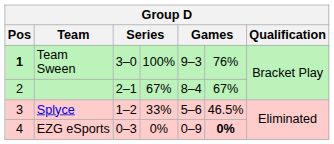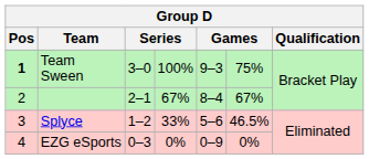 <table class="wikitable" style="display: inline-table; margin-left: 50px;width: 46.5%;">
 <tr>
 <th colspan="7">Group D</th>
 </tr>
 <tr>
 <th>Pos</th>
 <th>Team</th>
 <th colspan="2">Series</th>
 <th colspan="2">Games</th>
 <th>Qualification</th>
 </tr>
 <tr>
 <td style="text-align:center; background:#BBF3BB;"><strong>1</strong></td>
 <td style="text-align:left; background:#BBF3BB;">Team Sween</td>
 <td style="text-align:center; background:#BBF3BB;">3–0</td>
 <td style="text-align:center; background:#BBF3BB;">100%</td>
 <td style="text-align:center; background:#BBF3BB;">9–3</td>
-<td style="text-align:center; background:#BBF3BB;">76%</td>
+<td style="text-align:center; background:#BBF3BB;">75%</td>
 <td style="text-align:center; background:#BBF3BB;" rowspan="2">Bracket Play</td>
 </tr>
 <tr>
 <td style="text-align:center; background:#BBF3BB;">2</td>
 <td style="text-align:left; background:#BBF3BB;"></td>
 <td style="text-align:center; background:#BBF3BB;">2–1</td>
 <td style="text-align:center; background:#BBF3BB;">67%</td>
 <td style="text-align:center; background:#BBF3BB;">8–4</td>
 <td style="text-align:center; background:#BBF3BB;">67%</td>
 </tr>
 <tr>
 <td style="text-align:center; background:#FFCCCC;">3</td>
 <td style="text-align:left; background:#FFCCCC;"><a href='#'>Splyce</a></td>
 <td style="text-align:center; background:#FFCCCC;">1–2</td>
 <td style="text-align:center; background:#FFCCCC;">33%</td>
 <td style="text-align:center; background:#FFCCCC;">5–6</td>
 <td style="text-align:center; background:#FFCCCC;">46.5%</td>
 <td style="text-align:center; background:#FFCCCC;" rowspan="2">Eliminated</td>
 </tr>
 <tr>
 <td style="text-align:center; background:#FFCCCC;">4</td>
 <td style="text-align:left; background:#FFCCCC;">EZG eSports</td>
 <td style="text-align:center; background:#FFCCCC;">0–3</td>
 <td style="text-align:center; background:#FFCCCC;">0%</td>
 <td style="text-align:center; background:#FFCCCC;">0–9</td>
-<td style="text-align:center; background:#FFCCCC;"><strong>0%</strong></td>
+<td style="text-align:center; background:#FFCCCC;">0%</td>
 </tr>
 </table>
